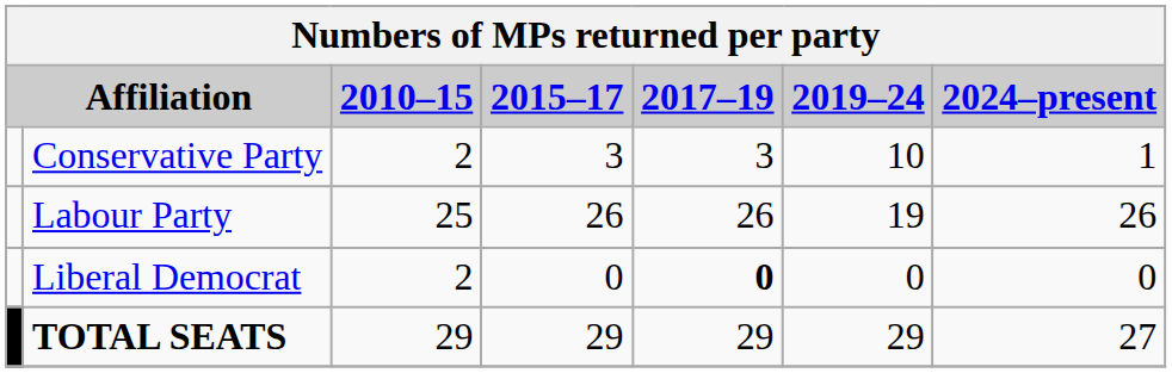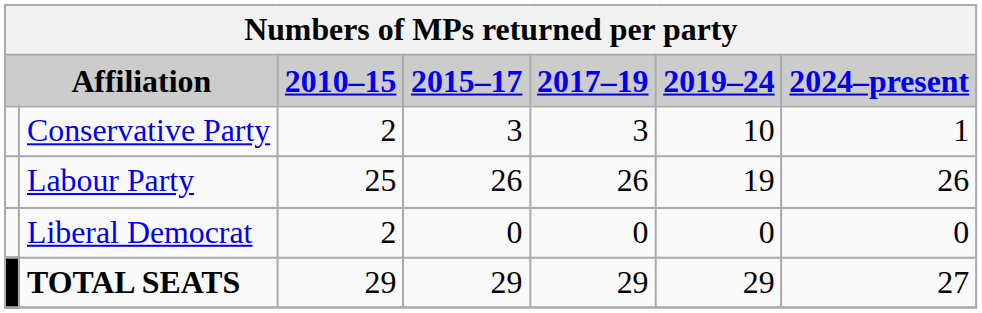 <table class="wikitable">
 <tr>
 <th colspan="10">Numbers of MPs returned per party</th>
 </tr>
 <tr bgcolor="CCCCCC">
 <td colspan="2" rowspan="1" align="center" valign="top"><strong>Affiliation</strong></td>
 <td valign="top"><strong><a href='#'>2010–15</a></strong></td>
 <td valign="top"><strong><a href='#'>2015–17</a></strong></td>
 <td valign="top"><strong><a href='#'>2017–19</a></strong></td>
 <td valign="top"><strong><a href='#'>2019–24</a></strong></td>
 <td valign="top"><strong><a href='#'>2024–present</a></strong></td>
 </tr>
 <tr>
 <td style="color:inherit;background:"></td>
 <td><a href='#'>Conservative Party</a></td>
 <td align="right">2</td>
 <td align="right">3</td>
 <td align="right">3</td>
 <td align="right">10</td>
 <td align="right">1</td>
 </tr>
 <tr>
 <td style="color:inherit;background:"></td>
 <td><a href='#'>Labour Party</a></td>
 <td align="right">25</td>
 <td align="right">26</td>
 <td align="right">26</td>
 <td align="right">19</td>
 <td align="right">26</td>
 </tr>
 <tr>
 <td style="color:inherit;background:"></td>
 <td><a href='#'>Liberal Democrat</a></td>
 <td align="right">2</td>
 <td align="right">0</td>
-<td align="right"><strong>0</strong></td>
+<td align="right">0</td>
 <td align="right">0</td>
 <td align="right">0</td>
 </tr>
 <tr>
 <td style="color:inherit;background:black"></td>
 <td><strong>TOTAL SEATS</strong></td>
 <td align="right">29</td>
 <td align="right">29</td>
 <td align="right">29</td>
 <td align="right">29</td>
 <td align="right">27</td>
 </tr>
 <tr>
 </tr>
 </table>
